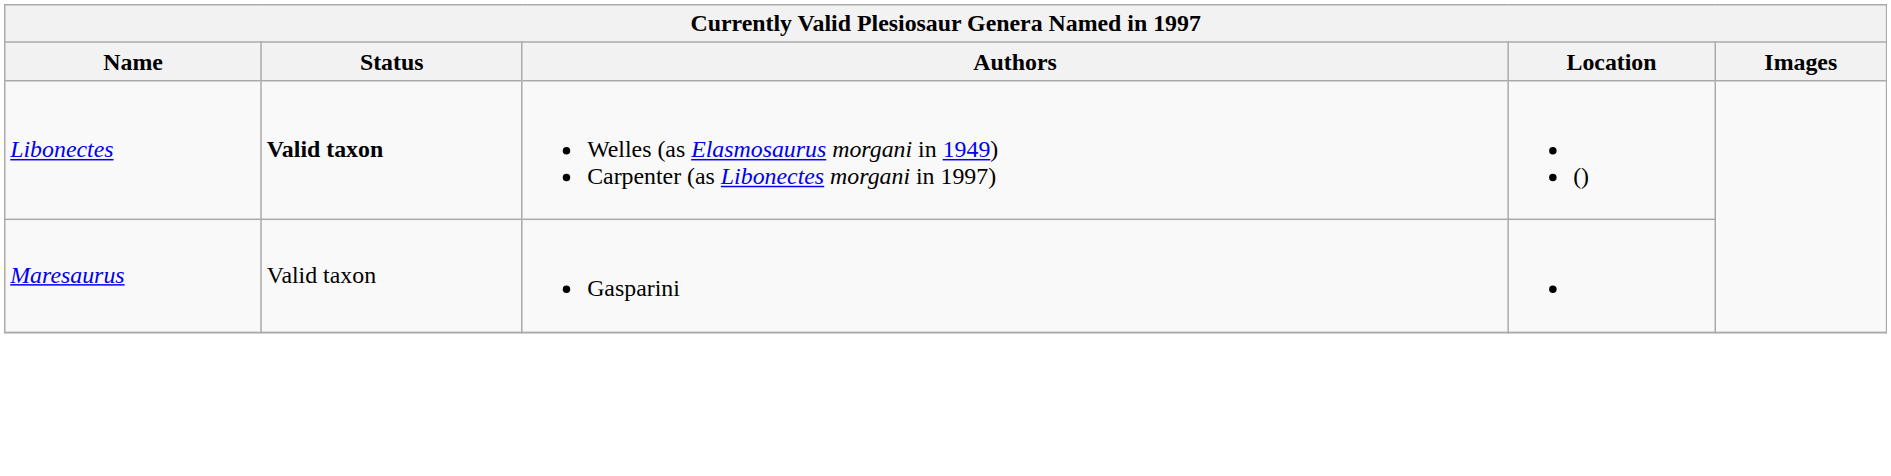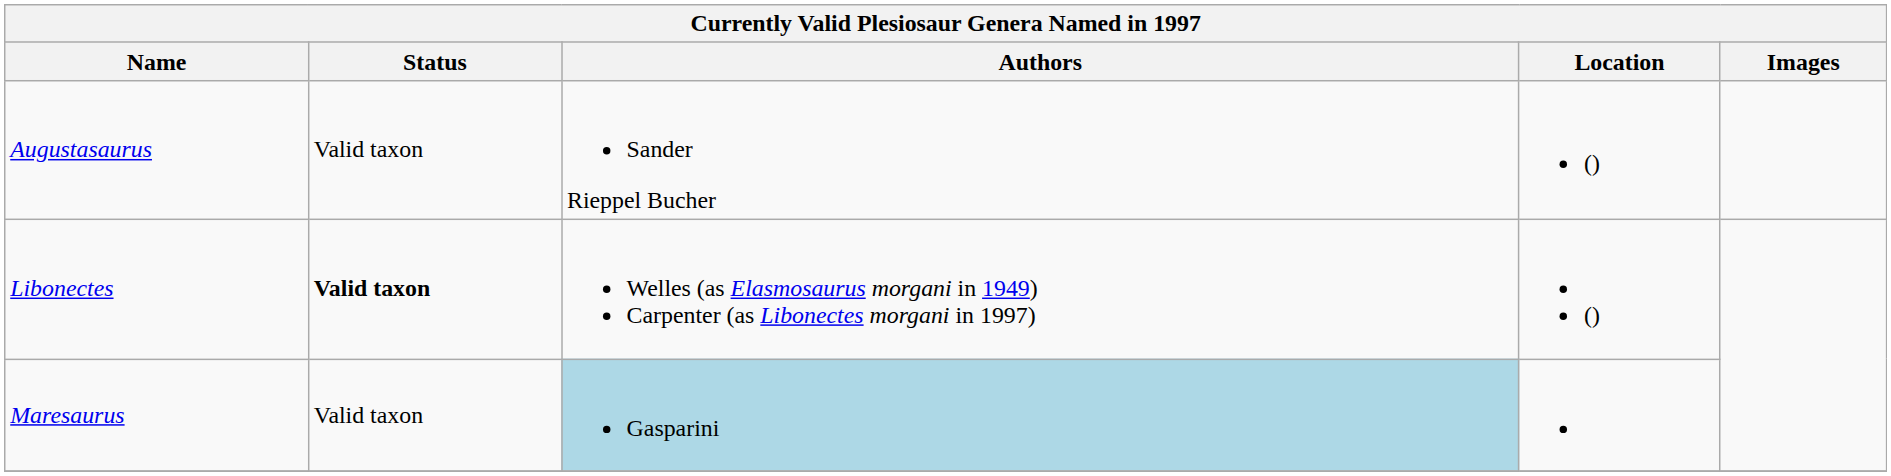 <table class="wikitable" align="center" width="100%">
 <tr>
 <th colspan="5" align="center"><strong>Currently Valid Plesiosaur Genera Named in 1997</strong></th>
 </tr>
 <tr>
 <th>Name</th>
 <th>Status</th>
 <th>Authors</th>
 <th>Location</th>
 <th>Images</th>
 </tr>
 <tr>
+<td><em><a href='#'>Augustasaurus</a></em></td>
+<td>Valid taxon</td>
+<td><br><ul><li>Sander</li></ul>Rieppel Bucher</td>
+<td><br><ul><li> ()</li></ul></td>
+<td></td>
+</tr>
+<tr>
 <td><em><a href='#'>Libonectes</a></em></td>
 <td><strong>Valid taxon</strong></td>
 <td><br><ul><li>Welles (as <em><a href='#'>Elasmosaurus</a> morgani</em> in <a href='#'>1949</a>)</li><li>Carpenter (as <em><a href='#'>Libonectes</a> morgani</em> in 1997)</li></ul></td>
 <td><br><ul><li></li><li> ()</li></ul></td>
 <td rowspan="2"></td>
 </tr>
 <tr>
 <td><em><a href='#'>Maresaurus</a></em></td>
 <td>Valid taxon</td>
-<td><br><ul><li>Gasparini</li></ul></td>
+<td style="background: lightblue;"><br><ul><li>Gasparini</li></ul></td>
 <td><br><ul><li></li></ul></td>
 </tr>
 <tr>
 </tr>
 </table>
